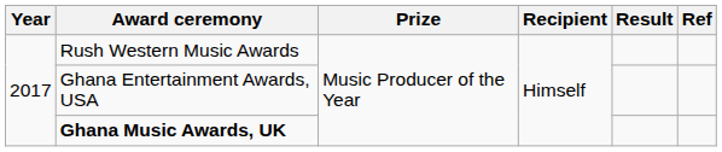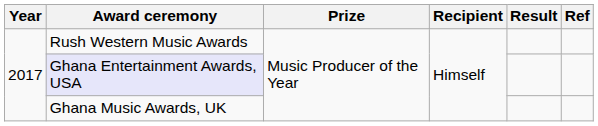 <table class ="wikitable">
 <tr>
 <th>Year</th>
 <th>Award ceremony</th>
 <th>Prize</th>
 <th>Recipient</th>
 <th>Result</th>
 <th>Ref</th>
 </tr>
 <tr>
 <td rowspan="3">2017</td>
 <td>Rush Western Music Awards</td>
 <td rowspan="3">Music Producer of the Year</td>
 <td rowspan="3">Himself</td>
 <td></td>
 <td></td>
 </tr>
 <tr>
-<td>Ghana Entertainment Awards, USA</td>
+<td style="background: lavender;">Ghana Entertainment Awards, USA</td>
 <td></td>
 <td></td>
 </tr>
 <tr>
-<td><strong>Ghana Music Awards, UK</strong></td>
+<td>Ghana Music Awards, UK</td>
 <td></td>
 <td></td>
 </tr>
 </table>
